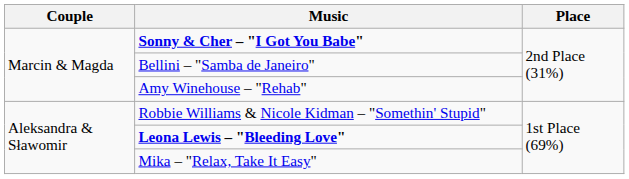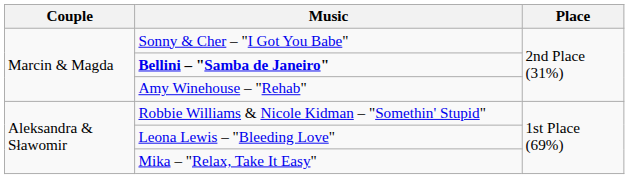 <table class="wikitable">
 <tr>
 <th style="width:130px;">Couple</th>
 <th style="width:400px;">Music</th>
 <th style="width:100px;">Place</th>
 </tr>
 <tr>
 <td rowspan="3">Marcin & Magda</td>
-<td><strong><a href='#'>Sonny & Cher</a> – "<a href='#'>I Got You Babe</a>"</strong></td>
+<td><a href='#'>Sonny & Cher</a> – "<a href='#'>I Got You Babe</a>"</td>
 <td rowspan="3">2nd Place (31%)</td>
 </tr>
 <tr>
-<td><a href='#'>Bellini</a> – "<a href='#'>Samba de Janeiro</a>"</td>
+<td><strong><a href='#'>Bellini</a> – "<a href='#'>Samba de Janeiro</a>"</strong></td>
 </tr>
 <tr>
 <td><a href='#'>Amy Winehouse</a> – "<a href='#'>Rehab</a>"</td>
 </tr>
 <tr>
 <td rowspan="3">Aleksandra & Sławomir</td>
 <td><a href='#'>Robbie Williams</a> & <a href='#'>Nicole Kidman</a> – "<a href='#'>Somethin' Stupid</a>"</td>
 <td rowspan="3">1st Place (69%)</td>
 </tr>
 <tr>
-<td><strong><a href='#'>Leona Lewis</a> – "<a href='#'>Bleeding Love</a>"</strong></td>
+<td><a href='#'>Leona Lewis</a> – "<a href='#'>Bleeding Love</a>"</td>
 </tr>
 <tr>
 <td><a href='#'>Mika</a> – "<a href='#'>Relax, Take It Easy</a>"</td>
 </tr>
 </table>
